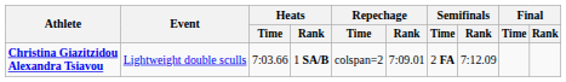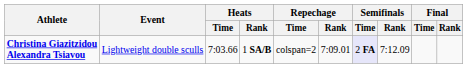 <table class="wikitable" style="font-size:90%">
 <tr>
 <th rowspan=2>Athlete</th>
 <th rowspan=2>Event</th>
 <th colspan="2">Heats</th>
 <th colspan="2">Repechage</th>
 <th colspan="2">Semifinals</th>
 <th colspan="2">Final</th>
 </tr>
 <tr style="font-size:95%">
 <th>Time</th>
 <th>Rank</th>
 <th>Time</th>
 <th>Rank</th>
 <th>Time</th>
 <th>Rank</th>
 <th>Time</th>
 <th>Rank</th>
 </tr>
 <tr align=center>
 <td align=left><strong><a href='#'>Christina Giazitzidou</a><br> <a href='#'>Alexandra Tsiavou</a></strong></td>
 <td align=left><a href='#'>Lightweight double sculls</a></td>
 <td>7:03.66</td>
 <td>1 <strong>SA/B</strong></td>
 <td>colspan=2 </td>
 <td>7:09.01</td>
-<td>2 <strong>FA</strong></td>
+<td style="background: lavender;">2 <strong>FA</strong></td>
 <td>7:12.09</td>
 <td></td>
 </tr>
 </table>
